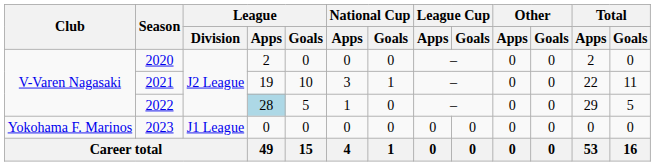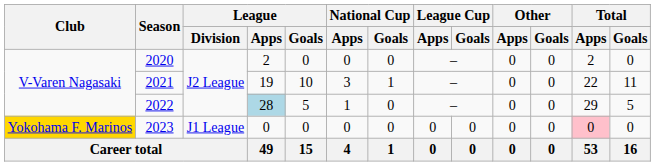 <table class="wikitable" style="text-align: center">
 <tr>
 <th rowspan="2">Club</th>
 <th rowspan="2">Season</th>
 <th colspan="3">League</th>
 <th colspan="2">National Cup</th>
 <th colspan="2">League Cup</th>
 <th colspan="2">Other</th>
 <th colspan="2">Total</th>
 </tr>
 <tr>
 <th>Division</th>
 <th>Apps</th>
 <th>Goals</th>
 <th>Apps</th>
 <th>Goals</th>
 <th>Apps</th>
 <th>Goals</th>
 <th>Apps</th>
 <th>Goals</th>
 <th>Apps</th>
 <th>Goals</th>
 </tr>
 <tr>
 <td rowspan="3"><a href='#'>V-Varen Nagasaki</a></td>
 <td><a href='#'>2020</a></td>
 <td rowspan="3"><a href='#'>J2 League</a></td>
 <td>2</td>
 <td>0</td>
 <td>0</td>
 <td>0</td>
 <td colspan="2">–</td>
 <td>0</td>
 <td>0</td>
 <td>2</td>
 <td>0</td>
 </tr>
 <tr>
 <td><a href='#'>2021</a></td>
 <td>19</td>
 <td>10</td>
 <td>3</td>
 <td>1</td>
 <td colspan="2">–</td>
 <td>0</td>
 <td>0</td>
 <td>22</td>
 <td>11</td>
 </tr>
 <tr>
 <td><a href='#'>2022</a></td>
 <td style="background: lightblue;">28</td>
 <td>5</td>
 <td>1</td>
 <td>0</td>
 <td colspan="2">–</td>
 <td>0</td>
 <td>0</td>
 <td>29</td>
 <td>5</td>
 </tr>
 <tr>
-<td><a href='#'>Yokohama F. Marinos</a></td>
+<td style="background: gold;"><a href='#'>Yokohama F. Marinos</a></td>
 <td><a href='#'>2023</a></td>
 <td><a href='#'>J1 League</a></td>
 <td>0</td>
 <td>0</td>
 <td>0</td>
 <td>0</td>
 <td>0</td>
 <td>0</td>
 <td>0</td>
 <td>0</td>
-<td>0</td>
+<td style="background: pink;">0</td>
 <td>0</td>
 </tr>
 <tr>
 <th colspan="3">Career total</th>
 <th>49</th>
 <th>15</th>
 <th>4</th>
 <th>1</th>
 <th>0</th>
 <th>0</th>
 <th>0</th>
 <th>0</th>
 <th>53</th>
 <th>16</th>
 </tr>
 </table>
